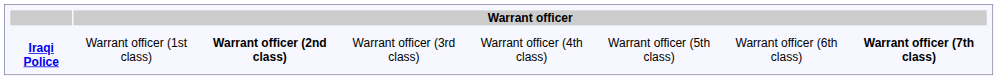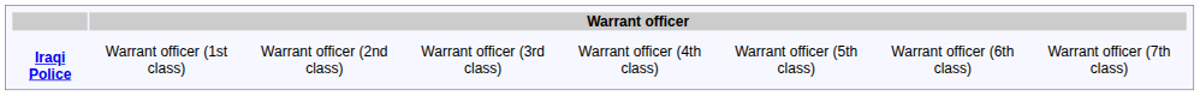 <table style="border:1px solid #8888aa; background-color:#f7f8ff; padding:5px; font-size:95%; margin: 0px 12px 12px 0px;">
 <tr style="background:#ccc;">
 <th></th>
 <th colspan=8>Warrant officer</th>
 </tr>
 <tr style="text-align:center;">
 <td rowspan=3> <br><strong><a href='#'>Iraqi Police</a></strong></td>
 <td></td>
 <td></td>
 <td></td>
 <td></td>
 <td></td>
 <td></td>
 <td></td>
 </tr>
 <tr style="text-align:center;">
 <td>Warrant officer (1st class)</td>
-<td><strong>Warrant officer (2nd class)</strong></td>
+<td>Warrant officer (2nd class)</td>
 <td>Warrant officer (3rd class)</td>
 <td>Warrant officer (4th class)</td>
 <td>Warrant officer (5th class)</td>
 <td>Warrant officer (6th class)</td>
-<td><strong>Warrant officer (7th class)</strong></td>
+<td>Warrant officer (7th class)</td>
 </tr>
 </table>
